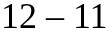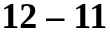 <table style="text-align:center">
 <tr>
 <th width=200></th>
 <th width=100></th>
 <th width=200></th>
 </tr>
 <tr>
 <td align=right><strong></strong></td>
-<td>12 – 11</td>
+<td><strong>12 – 11</strong></td>
 <td align=left></td>
 </tr>
 </table>
